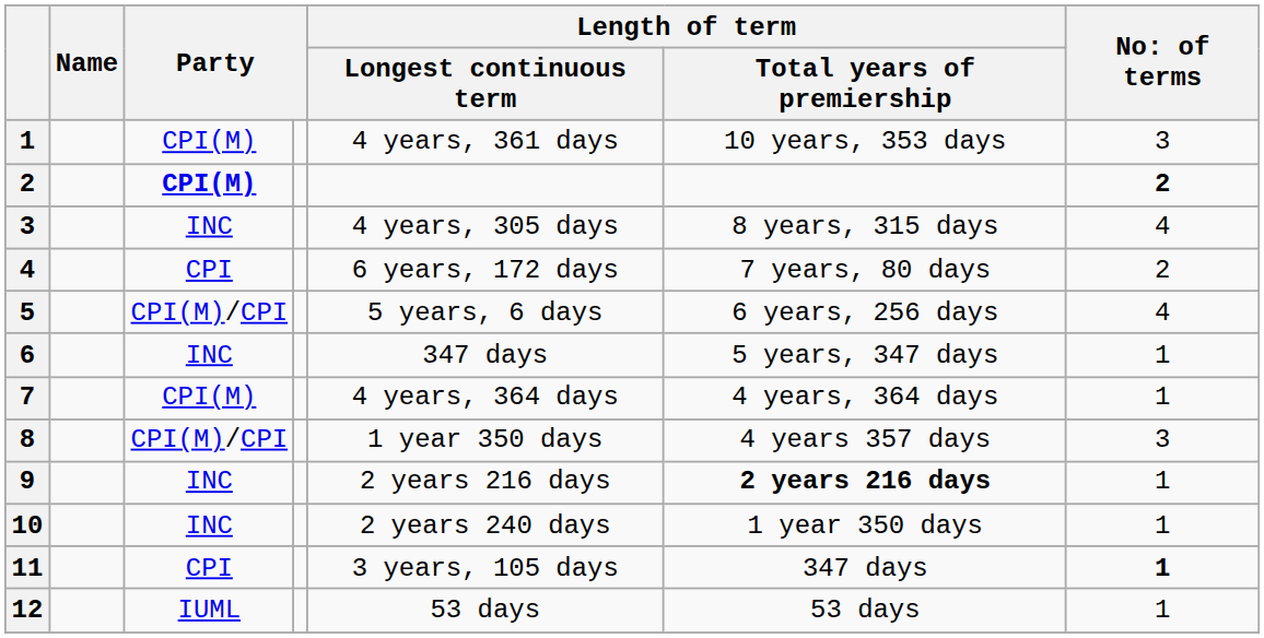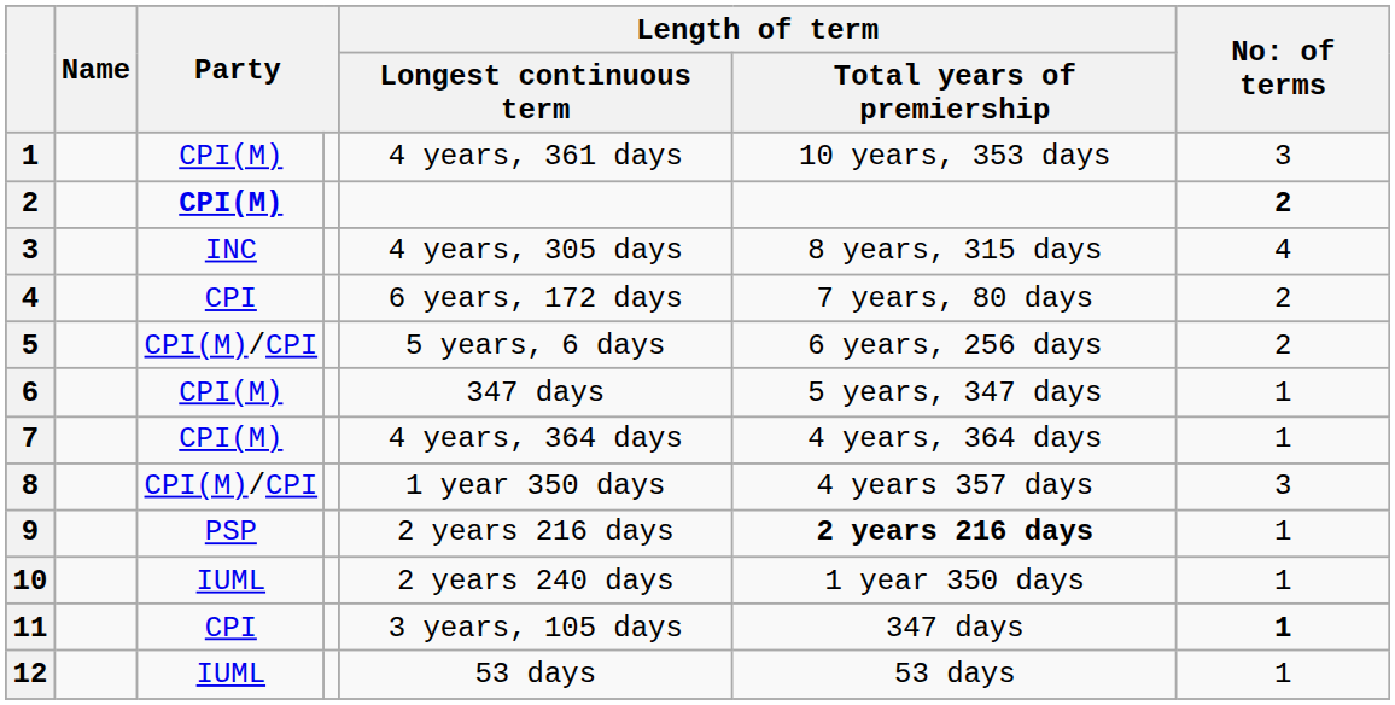 <table class="wikitable sortable" style="width:100%; text-align:center">
 <tr>
 <th data-sort-type=number rowspan = "2"></th>
 <th rowspan = "2">Name</th>
 <th rowspan = "2" colspan="2">Party</th>
 <th colspan = "2">Length of term</th>
 <th rowspan="2">No: of terms</th>
 </tr>
 <tr>
 <th>Longest continuous term</th>
 <th>Total years of premiership</th>
 </tr>
 <tr>
 <th data-sort-value="1">1</th>
 <td></td>
 <td><a href='#'>CPI(M)</a></td>
 <td style="background-color: "></td>
 <td>4 years, 361 days</td>
 <td>10 years, 353 days</td>
 <td>3</td>
 </tr>
 <tr>
 <th data-sort-value="2">2</th>
 <td><strong></strong></td>
 <td><strong><a href='#'>CPI(M)</a></strong></td>
 <td style="background-color: "></td>
 <td><strong></strong></td>
 <td><strong></strong></td>
 <td><strong>2</strong></td>
 </tr>
 <tr>
 <th data-sort-value="3">3</th>
 <td></td>
 <td><a href='#'>INC</a></td>
 <td style="background-color: "></td>
 <td>4 years, 305 days</td>
 <td>8 years, 315 days</td>
 <td>4</td>
 </tr>
 <tr>
 <th data-sort-value="4">4</th>
 <td></td>
 <td><a href='#'>CPI</a></td>
 <td style="background-color: "></td>
 <td>6 years, 172 days</td>
 <td>7 years, 80 days</td>
 <td>2</td>
 </tr>
 <tr>
 <th data-sort-value="5">5</th>
 <td></td>
 <td><a href='#'>CPI(M)</a>/<a href='#'>CPI</a></td>
 <td style="background-color: "></td>
 <td>5 years, 6 days</td>
 <td>6 years, 256 days</td>
-<td>4</td>
+<td>2</td>
 </tr>
 <tr>
 <th data-sort-value="6">6</th>
 <td></td>
-<td><a href='#'>INC</a></td>
+<td><a href='#'>CPI(M)</a></td>
 <td style="background-color: "></td>
 <td>347 days</td>
 <td>5 years, 347 days</td>
 <td>1</td>
 </tr>
 <tr>
 <th data-sort-value="7">7</th>
 <td></td>
 <td><a href='#'>CPI(M)</a></td>
 <td style="background-color: "></td>
 <td>4 years, 364 days</td>
 <td>4 years, 364 days</td>
 <td>1</td>
 </tr>
 <tr>
 <th data-sort-value="8">8</th>
 <td></td>
 <td><a href='#'>CPI(M)</a>/<a href='#'>CPI</a></td>
 <td style="background-color: "></td>
 <td>1 year 350 days</td>
 <td>4 years 357 days</td>
 <td>3</td>
 </tr>
 <tr>
 <th data-sort-value="9">9</th>
 <td></td>
-<td><a href='#'>INC</a></td>
+<td><a href='#'>PSP</a></td>
 <td style="background-color: "></td>
 <td>2 years 216 days</td>
 <td><strong>2 years 216 days</strong></td>
 <td>1</td>
 </tr>
 <tr>
 <th data-sort-value="10">10</th>
 <td></td>
-<td><a href='#'>INC</a></td>
+<td><a href='#'>IUML</a></td>
 <td style="background-color: "></td>
 <td>2 years 240 days</td>
 <td>1 year 350 days</td>
 <td>1</td>
 </tr>
 <tr>
 <th data-sort-value="11">11</th>
 <td></td>
 <td><a href='#'>CPI</a></td>
 <td style="background-color: "></td>
 <td>3 years, 105 days</td>
 <td>347 days</td>
 <td><strong>1</strong></td>
 </tr>
 <tr>
 <th data-sort-value="12">12</th>
 <td></td>
 <td><a href='#'>IUML</a></td>
 <td style="background-color: "></td>
 <td>53 days</td>
 <td>53 days</td>
 <td>1</td>
 </tr>
 </table>
